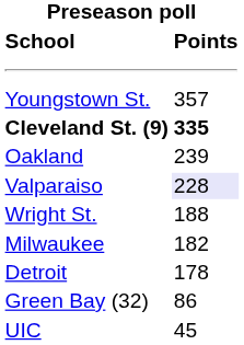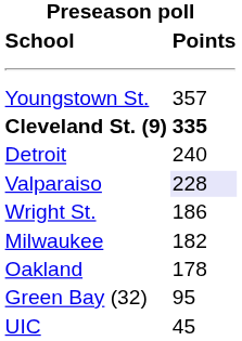 <table class="toccolours" style="float: left; margin-right: 1em;" cellspacing="2">
 <tr>
 <th colspan="2" style="text-align: center;"><strong>Preseason poll</strong></th>
 </tr>
 <tr>
 <td><strong>School</strong></td>
 <td><strong>Points</strong></td>
 </tr>
 <tr>
 <td colspan="2"><hr></td>
 </tr>
 <tr>
 <td><a href='#'>Youngstown St.</a></td>
 <td>357</td>
 </tr>
 <tr>
 <td><strong>Cleveland St. (9)</strong></td>
 <td><strong>335</strong></td>
 </tr>
 <tr>
-<td><a href='#'>Oakland</a></td>
-<td>239</td>
+<td><a href='#'>Detroit</a></td>
+<td>240</td>
 </tr>
 <tr>
 <td><a href='#'>Valparaiso</a></td>
 <td style="background: lavender;">228</td>
 </tr>
 <tr>
 <td><a href='#'>Wright St.</a></td>
-<td>188</td>
+<td>186</td>
 </tr>
 <tr>
 <td><a href='#'>Milwaukee</a></td>
 <td>182</td>
 </tr>
 <tr>
-<td><a href='#'>Detroit</a></td>
+<td><a href='#'>Oakland</a></td>
 <td>178</td>
 </tr>
 <tr>
 <td><a href='#'>Green Bay</a> (32)</td>
-<td>86</td>
+<td>95</td>
 </tr>
 <tr>
 <td><a href='#'>UIC</a></td>
 <td>45</td>
 </tr>
 <tr>
 <td colspan=2><em></em></td>
 </tr>
 </table>
